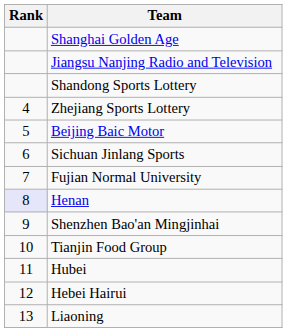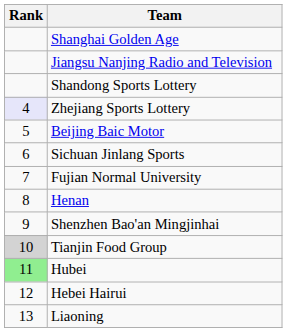 <table class="wikitable" style="text-align:center;">
 <tr>
 <th width=40>Rank</th>
 <th width=250>Team</th>
 </tr>
 <tr>
 <td></td>
 <td style="text-align:left;"><a href='#'>Shanghai Golden Age</a></td>
 </tr>
 <tr>
 <td></td>
 <td style="text-align:left;"><a href='#'>Jiangsu Nanjing Radio and Television</a></td>
 </tr>
 <tr>
 <td></td>
 <td style="text-align:left;">Shandong Sports Lottery</td>
 </tr>
 <tr>
-<td>4</td>
+<td style="background: lavender;">4</td>
 <td style="text-align:left;">Zhejiang Sports Lottery</td>
 </tr>
 <tr>
 <td>5</td>
 <td style="text-align:left;"><a href='#'>Beijing Baic Motor</a></td>
 </tr>
 <tr>
 <td>6</td>
 <td style="text-align:left;">Sichuan Jinlang Sports</td>
 </tr>
 <tr>
 <td>7</td>
 <td style="text-align:left;">Fujian Normal University</td>
 </tr>
 <tr>
-<td style="background: lavender;">8</td>
+<td>8</td>
 <td style="text-align:left;"><a href='#'>Henan</a></td>
 </tr>
 <tr>
 <td>9</td>
 <td style="text-align:left;">Shenzhen Bao'an Mingjinhai</td>
 </tr>
 <tr>
-<td>10</td>
+<td style="background: lightgrey;">10</td>
 <td style="text-align:left;">Tianjin Food Group</td>
 </tr>
 <tr>
-<td>11</td>
+<td style="background: lightgreen;">11</td>
 <td style="text-align:left;">Hubei</td>
 </tr>
 <tr>
 <td>12</td>
 <td style="text-align:left;">Hebei Hairui</td>
 </tr>
 <tr>
 <td>13</td>
 <td style="text-align:left;">Liaoning</td>
 </tr>
 </table>
